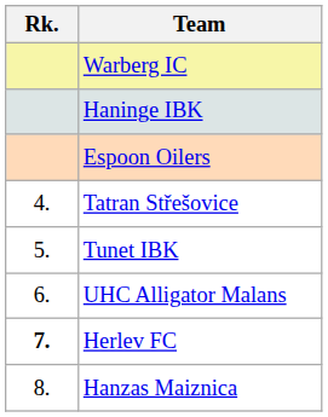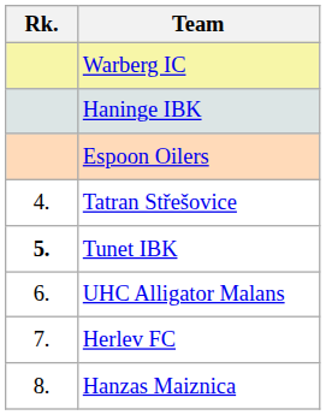 <table class="wikitable" style="border:1px solid #AAAAAA;font-size:90%">
 <tr bgcolor="#E4E4E4">
 <th style="border-bottom:1px solid #AAAAAA" width=40>Rk.</th>
 <th style="border-bottom:1px solid #AAAAAA" width=150>Team</th>
 </tr>
 <tr bgcolor="#F7F6A8">
 <td align="center" style="height:23px"></td>
 <td> <a href='#'>Warberg IC</a></td>
 </tr>
 <tr bgcolor="#DCE5E5">
 <td align="center" style="height:23px"></td>
 <td> <a href='#'>Haninge IBK</a></td>
 </tr>
 <tr bgcolor="#FFDAB9">
 <td align="center" style="height:23px"></td>
 <td> <a href='#'>Espoon Oilers</a></td>
 </tr>
 <tr bgcolor="#ffffff">
 <td align="center" style="height:23px">4.</td>
 <td> <a href='#'>Tatran Střešovice</a></td>
 </tr>
 <tr bgcolor="#ffffff">
-<td align="center" style="height:23px">5.</td>
+<td align="center" style="height:23px"><strong>5.</strong></td>
 <td> <a href='#'>Tunet IBK</a></td>
 </tr>
 <tr bgcolor="#ffffff">
 <td align="center" style="height:23px">6.</td>
 <td> <a href='#'>UHC Alligator Malans</a></td>
 </tr>
 <tr bgcolor="#ffffff">
-<td align="center" style="height:23px"><strong>7.</strong></td>
+<td align="center" style="height:23px">7.</td>
 <td> <a href='#'>Herlev FC</a></td>
 </tr>
 <tr bgcolor="#ffffff">
 <td align="center" style="height:23px">8.</td>
 <td> <a href='#'>Hanzas Maiznica</a></td>
 </tr>
 </table>
